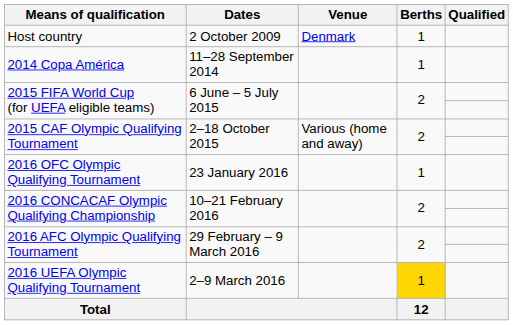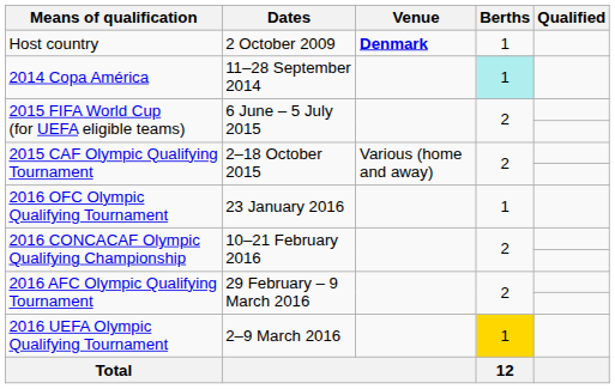 <table class="wikitable">
 <tr>
 <th>Means of qualification</th>
 <th>Dates</th>
 <th>Venue</th>
 <th>Berths</th>
 <th>Qualified</th>
 </tr>
 <tr>
 <td>Host country</td>
 <td>2 October 2009</td>
-<td> <a href='#'>Denmark</a></td>
+<td><strong> <a href='#'>Denmark</a></strong></td>
 <td align="center">1</td>
 <td></td>
 </tr>
 <tr>
 <td><a href='#'>2014 Copa América</a></td>
 <td>11–28 September 2014</td>
 <td></td>
-<td align=center>1</td>
+<td align=center style="background: paleturquoise;">1</td>
 <td></td>
 </tr>
 <tr>
 <td rowspan="2"><a href='#'>2015 FIFA World Cup</a><br>(for <a href='#'>UEFA</a> eligible teams)</td>
 <td rowspan="2">6 June – 5 July 2015</td>
 <td rowspan="2"></td>
 <td rowspan="2" align=center>2</td>
 <td></td>
 </tr>
 <tr>
 <td></td>
 </tr>
 <tr>
 <td rowspan="2"><a href='#'>2015 CAF Olympic Qualifying Tournament</a></td>
 <td rowspan="2">2–18 October 2015</td>
 <td rowspan="2">Various (home and away)</td>
 <td rowspan="2" align=center>2</td>
 <td></td>
 </tr>
 <tr>
 <td></td>
 </tr>
 <tr>
 <td><a href='#'>2016 OFC Olympic Qualifying Tournament</a></td>
 <td>23 January 2016</td>
 <td></td>
 <td align=center>1</td>
 <td></td>
 </tr>
 <tr>
 <td rowspan="2"><a href='#'>2016 CONCACAF Olympic Qualifying Championship</a></td>
 <td rowspan="2">10–21 February 2016</td>
 <td rowspan="2"></td>
 <td rowspan="2" align=center>2</td>
 <td></td>
 </tr>
 <tr>
 <td></td>
 </tr>
 <tr>
 <td rowspan="2"><a href='#'>2016 AFC Olympic Qualifying Tournament</a></td>
 <td rowspan="2">29 February – 9 March 2016</td>
 <td rowspan="2"></td>
 <td rowspan="2" align=center>2</td>
 <td></td>
 </tr>
 <tr>
 <td></td>
 </tr>
 <tr>
 <td><a href='#'>2016 UEFA Olympic Qualifying Tournament</a></td>
 <td>2–9 March 2016</td>
 <td></td>
 <td align=center style="background: gold;">1</td>
 <td></td>
 </tr>
 <tr>
 <th>Total</th>
 <th colspan=2></th>
 <th>12</th>
 <th colspan=2></th>
 </tr>
 </table>
